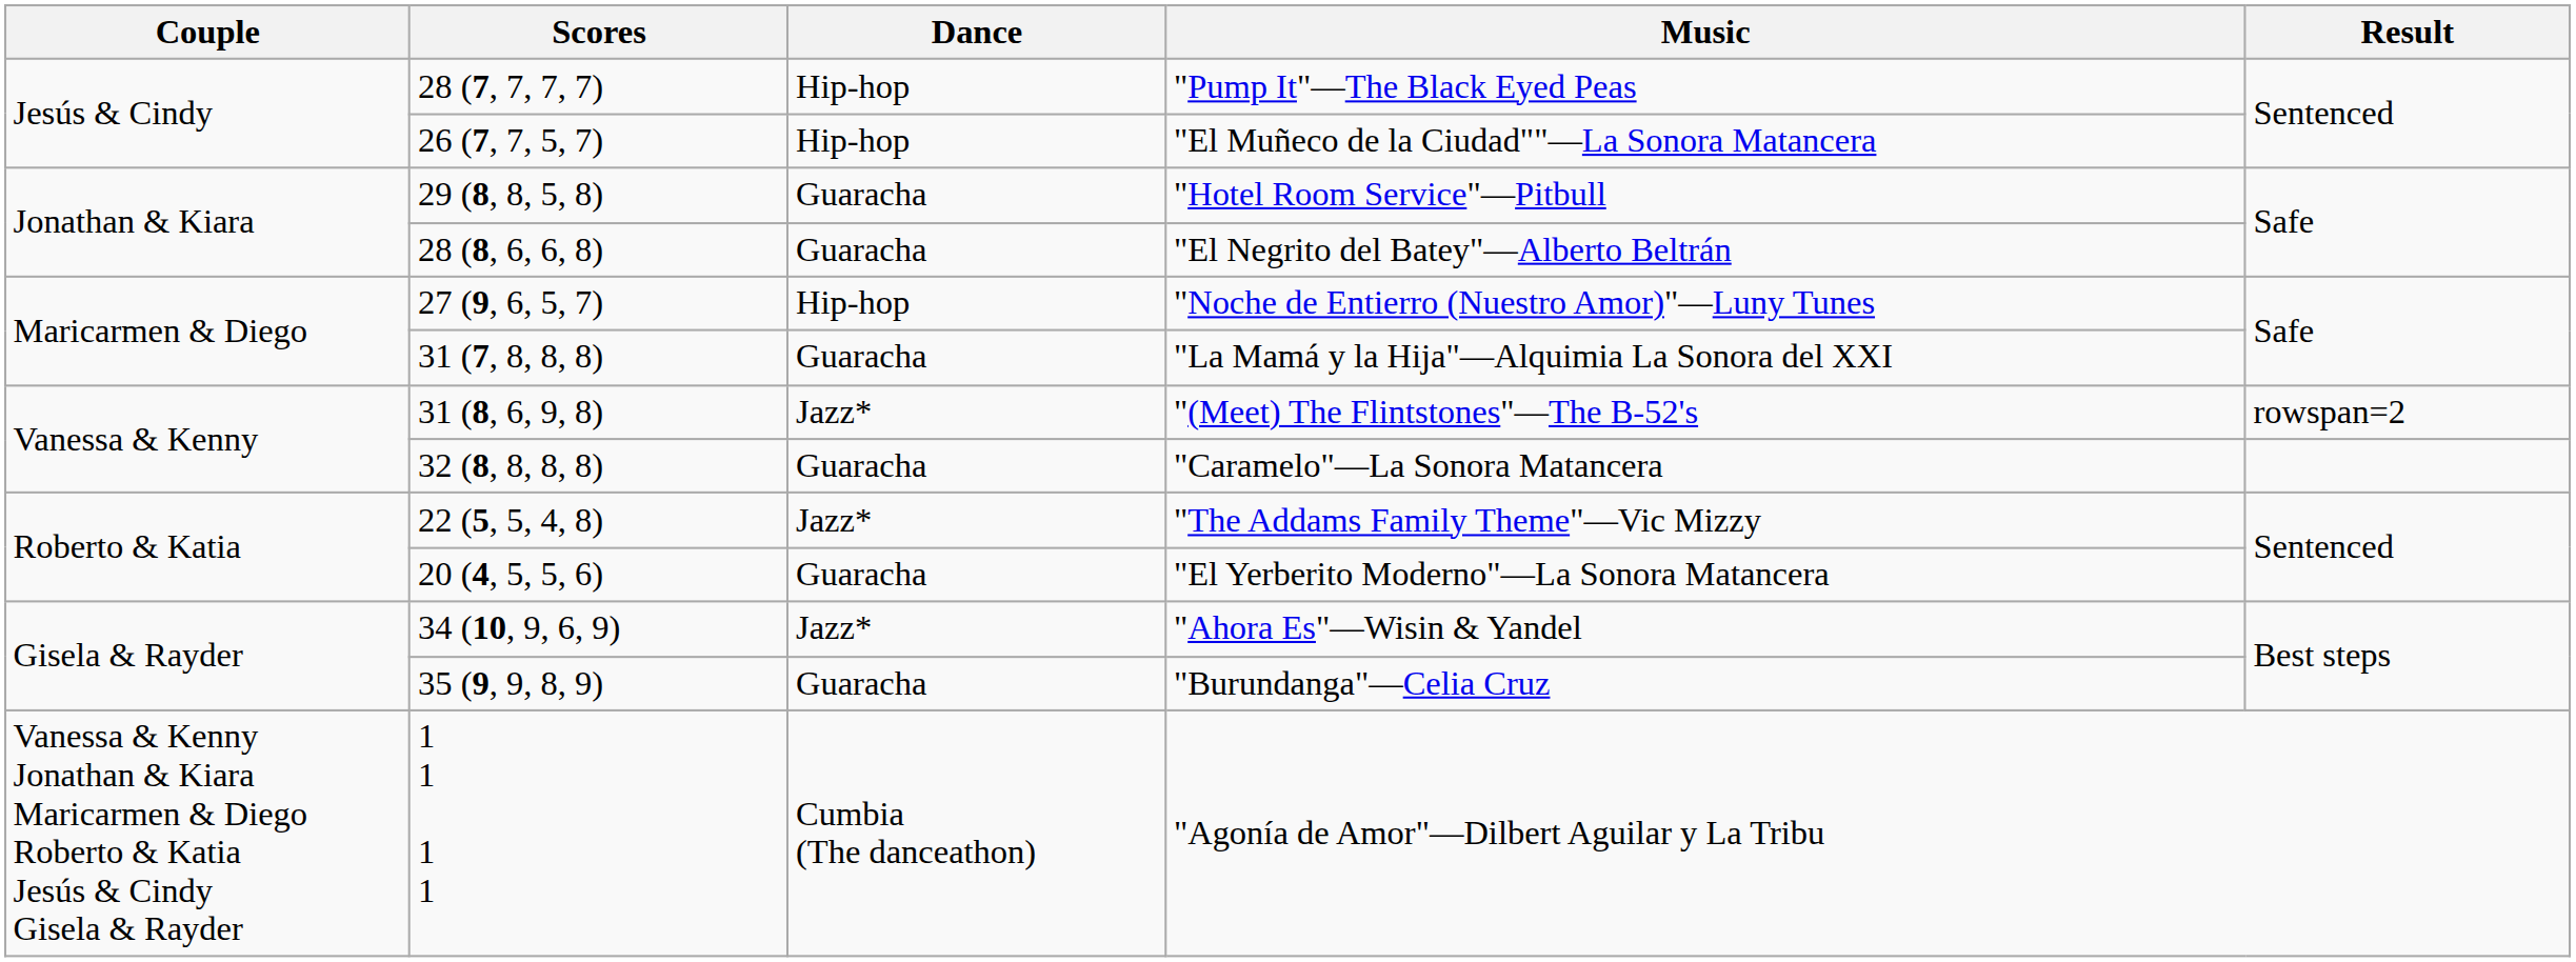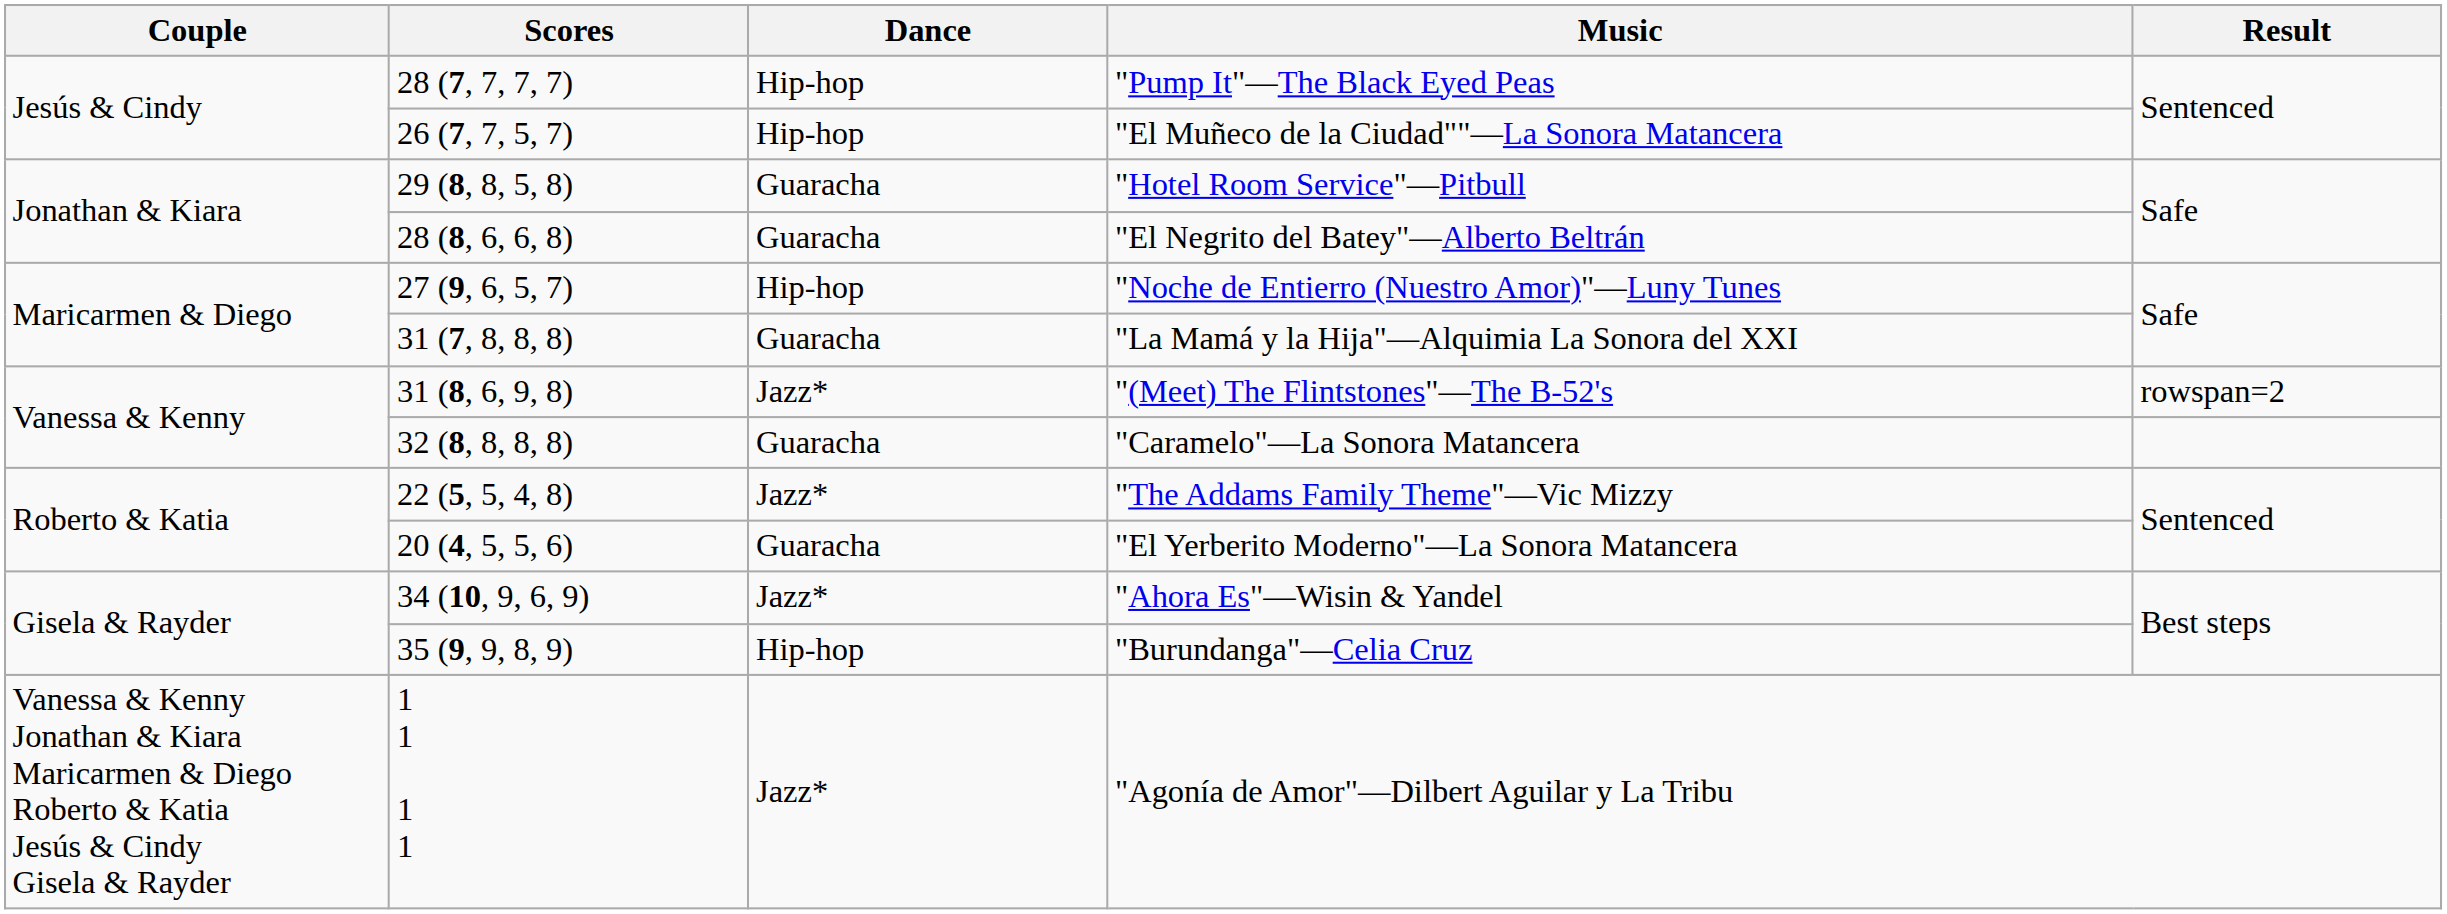 <table class="wikitable sortable" style="width:95%; white-space:nowrap">
 <tr>
 <th style="width:15%;">Couple</th>
 <th style="width:14%;">Scores</th>
 <th style="width:14%;">Dance</th>
 <th style="width:40%;">Music</th>
 <th style="width:12%;">Result</th>
 </tr>
 <tr>
 <td rowspan=2>Jesús & Cindy</td>
 <td>28 (<strong>7</strong>, 7, 7, 7)</td>
 <td>Hip-hop</td>
 <td>"<a href='#'>Pump It</a>"—<a href='#'>The Black Eyed Peas</a></td>
 <td rowspan=2>Sentenced</td>
 </tr>
 <tr>
 <td>26 (<strong>7</strong>, 7, 5, 7)</td>
 <td>Hip-hop</td>
 <td>"El Muñeco de la Ciudad""—<a href='#'>La Sonora Matancera</a></td>
 </tr>
 <tr>
 <td rowspan=2>Jonathan & Kiara</td>
 <td>29 (<strong>8</strong>, 8, 5, 8)</td>
 <td>Guaracha</td>
 <td>"<a href='#'>Hotel Room Service</a>"—<a href='#'>Pitbull</a></td>
 <td rowspan=2>Safe</td>
 </tr>
 <tr>
 <td>28 (<strong>8</strong>, 6, 6, 8)</td>
 <td>Guaracha</td>
 <td>"El Negrito del Batey"—<a href='#'>Alberto Beltrán</a></td>
 </tr>
 <tr>
 <td rowspan=2>Maricarmen & Diego</td>
 <td>27 (<strong>9</strong>, 6, 5, 7)</td>
 <td>Hip-hop</td>
 <td>"<a href='#'>Noche de Entierro (Nuestro Amor)</a>"—<a href='#'>Luny Tunes</a></td>
 <td rowspan=2>Safe</td>
 </tr>
 <tr>
 <td>31 (<strong>7</strong>, 8, 8, 8)</td>
 <td>Guaracha</td>
 <td>"La Mamá y la Hija"—Alquimia La Sonora del XXI</td>
 </tr>
 <tr>
 <td rowspan=2>Vanessa & Kenny</td>
 <td>31 (<strong>8</strong>, 6, 9, 8)</td>
 <td>Jazz*</td>
 <td>"<a href='#'>(Meet) The Flintstones</a>"—<a href='#'>The B-52's</a></td>
 <td>rowspan=2 </td>
 </tr>
 <tr>
 <td>32 (<strong>8</strong>, 8, 8, 8)</td>
 <td>Guaracha</td>
 <td>"Caramelo"—La Sonora Matancera</td>
 </tr>
 <tr>
 <td rowspan=2>Roberto & Katia</td>
 <td>22 (<strong>5</strong>, 5, 4, 8)</td>
 <td>Jazz*</td>
 <td>"<a href='#'>The Addams Family Theme</a>"—Vic Mizzy</td>
 <td rowspan=2>Sentenced</td>
 </tr>
 <tr>
 <td>20 (<strong>4</strong>, 5, 5, 6)</td>
 <td>Guaracha</td>
 <td>"El Yerberito Moderno"—La Sonora Matancera</td>
 </tr>
 <tr>
 <td rowspan=2>Gisela & Rayder</td>
 <td>34 (<strong>10</strong>, 9, 6, 9)</td>
 <td>Jazz*</td>
 <td>"<a href='#'>Ahora Es</a>"—Wisin & Yandel</td>
 <td rowspan=2>Best steps</td>
 </tr>
 <tr>
 <td>35 (<strong>9</strong>, 9, 8, 9)</td>
-<td>Guaracha</td>
+<td>Hip-hop</td>
 <td>"Burundanga"—<a href='#'>Celia Cruz</a></td>
 </tr>
 <tr>
 <td>Vanessa & Kenny<br>Jonathan & Kiara<br>Maricarmen & Diego<br>Roberto & Katia<br>Jesús & Cindy<br>Gisela & Rayder</td>
 <td valign="top">1<br>1<br><br>1<br>1</td>
-<td>Cumbia<br>(The danceathon)</td>
+<td>Jazz*</td>
 <td colspan=2>"Agonía de Amor"—Dilbert Aguilar y La Tribu</td>
 </tr>
 </table>
